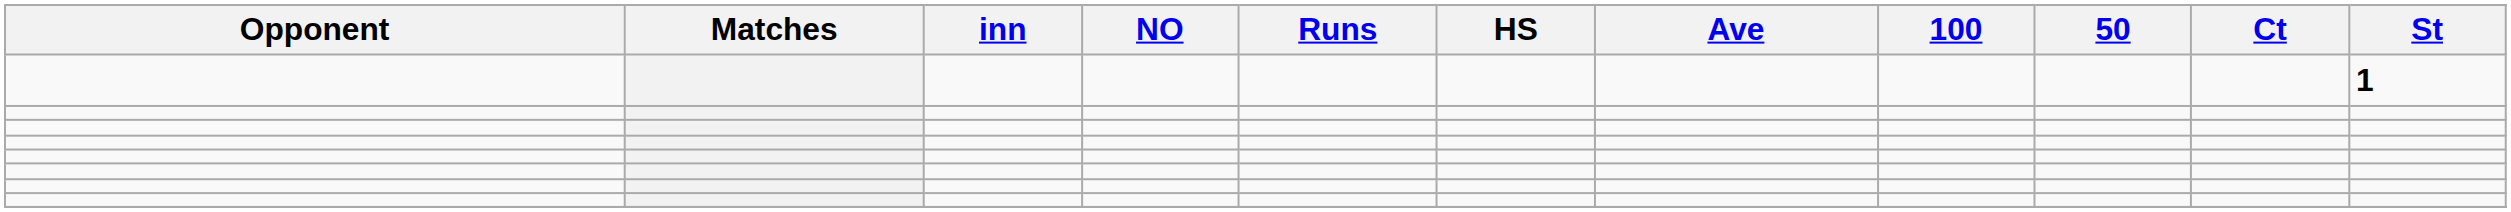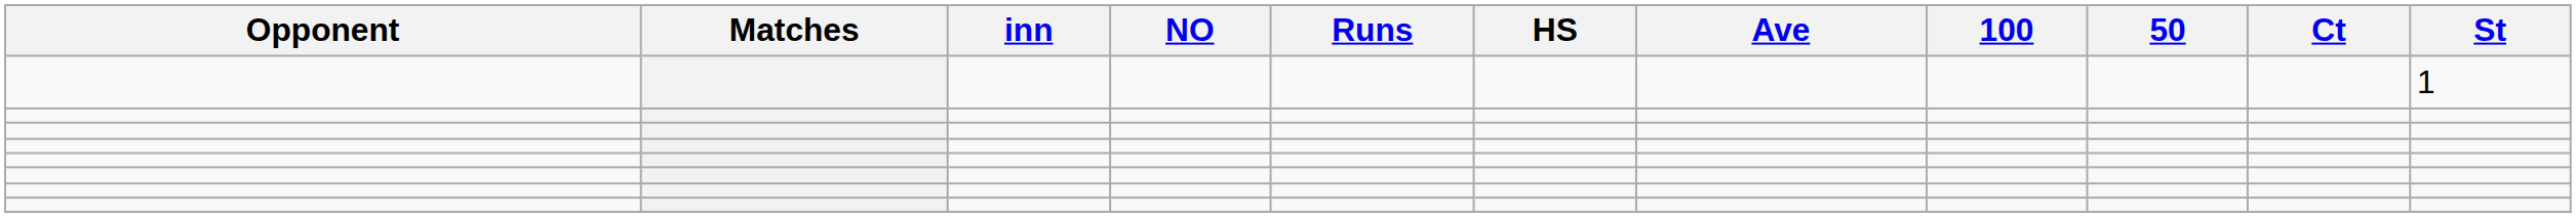 <table class="wikitable plainrowheaders sortable" align="center" style="font-size: 100%; width:100%">
 <tr>
 <th scope="col"; style="width:140px">Opponent</th>
 <th scope="col"; style="width:30px">Matches</th>
 <th scope="col"; style="width:30px"><a href='#'>inn</a></th>
 <th scope="col"; style="width:30px"><a href='#'>NO</a></th>
 <th scope="col"; style="width:40px"><a href='#'>Runs</a></th>
 <th scope="col"; style="width:30px">HS</th>
 <th scope="col"; style="width:60px"><a href='#'>Ave</a></th>
 <th scope="col"; style="width:30px"><a href='#'>100</a></th>
 <th scope="col"; style="width:30px"><a href='#'>50</a></th>
 <th scope="col"; style="width:30px"><a href='#'>Ct</a></th>
 <th scope="col"; style="width:30px"><a href='#'>St</a></th>
 </tr>
 <tr>
 <td></td>
 <th scope="row"></th>
 <td></td>
 <td></td>
 <td></td>
 <td></td>
 <td></td>
 <td></td>
 <td></td>
 <td></td>
-<td><strong>1</strong></td>
+<td>1</td>
 </tr>
 <tr>
 <td></td>
 <th scope="row"></th>
 <td></td>
 <td></td>
 <td></td>
 <td></td>
 <td></td>
 <td></td>
 <td></td>
 <td></td>
 <td></td>
 </tr>
 <tr>
 <td></td>
 <th scope="row"></th>
 <td></td>
 <td></td>
 <td></td>
 <td></td>
 <td></td>
 <td></td>
 <td></td>
 <td></td>
 <td></td>
 </tr>
 <tr>
 <td></td>
 <th scope="row"></th>
 <td></td>
 <td></td>
 <td></td>
 <td></td>
 <td></td>
 <td></td>
 <td></td>
 <td></td>
 <td></td>
 </tr>
 <tr>
 <td></td>
 <th scope="row"></th>
 <td></td>
 <td></td>
 <td></td>
 <td></td>
 <td></td>
 <td></td>
 <td></td>
 <td></td>
 <td></td>
 </tr>
 <tr>
 <td></td>
 <th scope="row"></th>
 <td></td>
 <td></td>
 <td></td>
 <td></td>
 <td></td>
 <td></td>
 <td></td>
 <td></td>
 <td></td>
 </tr>
 <tr>
 <td></td>
 <th scope="row"></th>
 <td></td>
 <td></td>
 <td></td>
 <td></td>
 <td></td>
 <td></td>
 <td></td>
 <td></td>
 <td></td>
 </tr>
 <tr class="sortbottom" align=center>
 <td><strong></strong></td>
 <th scope="row"><strong></strong></th>
 <td><strong></strong></td>
 <td><strong></strong></td>
 <td><strong></strong></td>
 <td><strong></strong></td>
 <td><strong></strong></td>
 <td><strong></strong></td>
 <td><strong></strong></td>
 <td><strong></strong></td>
 <td><strong></strong></td>
 </tr>
 <tr>
 </tr>
 </table>
